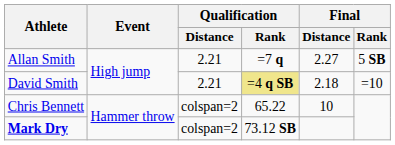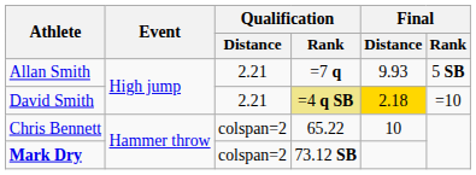 <table class="wikitable" style="font-size:90%">
 <tr>
 <th rowspan=2>Athlete</th>
 <th rowspan=2>Event</th>
 <th colspan=2>Qualification</th>
 <th colspan=2>Final</th>
 </tr>
 <tr style="font-size:95%">
 <th>Distance</th>
 <th>Rank</th>
 <th>Distance</th>
 <th>Rank</th>
 </tr>
 <tr align=center>
 <td align=left><a href='#'>Allan Smith</a></td>
 <td style="text-align:left;" rowspan="2"><a href='#'>High jump</a></td>
 <td>2.21</td>
 <td>=7 <strong>q</strong></td>
-<td>2.27</td>
+<td>9.93</td>
 <td>5 <strong>SB</strong></td>
 </tr>
 <tr align=center>
 <td align=left><a href='#'>David Smith</a></td>
 <td>2.21</td>
 <td style="background: khaki;">=4 <strong>q SB</strong></td>
-<td>2.18</td>
+<td style="background: gold;">2.18</td>
 <td>=10</td>
 </tr>
 <tr align=center>
 <td align=left><a href='#'>Chris Bennett</a></td>
 <td style="text-align:left;" rowspan="2"><a href='#'>Hammer throw</a></td>
 <td>colspan=2 </td>
 <td>65.22</td>
 <td>10</td>
 </tr>
 <tr align=center>
 <td align=left><strong><a href='#'>Mark Dry</a></strong></td>
 <td>colspan=2 </td>
 <td>73.12 <strong>SB</strong></td>
 <td></td>
 </tr>
 </table>
